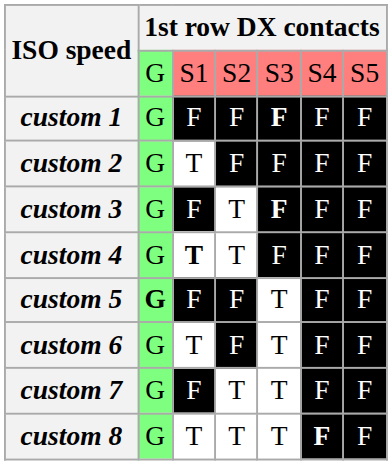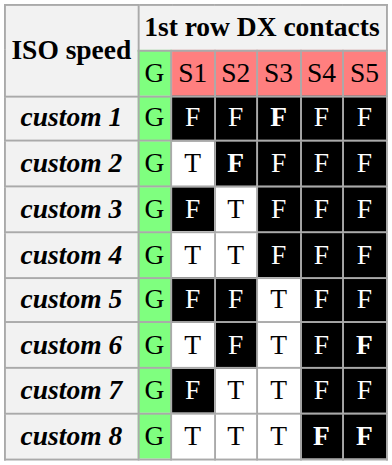 <table class="wikitable" style="text-align:center;font-size:90%;">
 <tr>
 <th rowspan=2>ISO speed</th>
 <th colspan=6>1st row DX contacts</th>
 </tr>
 <tr>
 <td style="background-color:#7fff7f;">G</td>
 <td style="background-color:#ff7f7f;">S1</td>
 <td style="background-color:#ff7f7f;">S2</td>
 <td style="background-color:#ff7f7f;">S3</td>
 <td style="background-color:#ff7f7f;">S4</td>
 <td style="background-color:#ff7f7f;">S5</td>
 </tr>
 <tr>
 <th><em>custom 1</em></th>
 <td style="background-color:#7fff7f;">G</td>
 <td style="background-color:#000000; color:#ffffff;">F</td>
 <td style="background-color:#000000; color:#ffffff;">F</td>
 <td style="background-color:#000000; color:#ffffff;"><strong>F</strong></td>
 <td style="background-color:#000000; color:#ffffff;">F</td>
 <td style="background-color:#000000; color:#ffffff;">F</td>
 </tr>
 <tr>
 <th><em>custom 2</em></th>
 <td style="background-color:#7fff7f;">G</td>
 <td style="background-color:#ffffff; color:#000000;">T</td>
-<td style="background-color:#000000; color:#ffffff;">F</td>
+<td style="background-color:#000000; color:#ffffff;"><strong>F</strong></td>
 <td style="background-color:#000000; color:#ffffff;">F</td>
 <td style="background-color:#000000; color:#ffffff;">F</td>
 <td style="background-color:#000000; color:#ffffff;">F</td>
 </tr>
 <tr>
 <th><em>custom 3</em></th>
 <td style="background-color:#7fff7f;">G</td>
 <td style="background-color:#000000; color:#ffffff;">F</td>
 <td style="background-color:#ffffff; color:#000000;">T</td>
-<td style="background-color:#000000; color:#ffffff;"><strong>F</strong></td>
+<td style="background-color:#000000; color:#ffffff;">F</td>
 <td style="background-color:#000000; color:#ffffff;">F</td>
 <td style="background-color:#000000; color:#ffffff;">F</td>
 </tr>
 <tr>
 <th><em>custom 4</em></th>
 <td style="background-color:#7fff7f;">G</td>
-<td style="background-color:#ffffff; color:#000000;"><strong>T</strong></td>
+<td style="background-color:#ffffff; color:#000000;">T</td>
 <td style="background-color:#ffffff; color:#000000;">T</td>
 <td style="background-color:#000000; color:#ffffff;">F</td>
 <td style="background-color:#000000; color:#ffffff;">F</td>
 <td style="background-color:#000000; color:#ffffff;">F</td>
 </tr>
 <tr>
 <th><em>custom 5</em></th>
-<td style="background-color:#7fff7f;"><strong>G</strong></td>
+<td style="background-color:#7fff7f;">G</td>
 <td style="background-color:#000000; color:#ffffff;">F</td>
 <td style="background-color:#000000; color:#ffffff;">F</td>
 <td style="background-color:#ffffff; color:#000000;">T</td>
 <td style="background-color:#000000; color:#ffffff;">F</td>
 <td style="background-color:#000000; color:#ffffff;">F</td>
 </tr>
 <tr>
 <th><em>custom 6</em></th>
 <td style="background-color:#7fff7f;">G</td>
 <td style="background-color:#ffffff; color:#000000;">T</td>
 <td style="background-color:#000000; color:#ffffff;">F</td>
 <td style="background-color:#ffffff; color:#000000;">T</td>
 <td style="background-color:#000000; color:#ffffff;">F</td>
-<td style="background-color:#000000; color:#ffffff;">F</td>
+<td style="background-color:#000000; color:#ffffff;"><strong>F</strong></td>
 </tr>
 <tr>
 <th><em>custom 7</em></th>
 <td style="background-color:#7fff7f;">G</td>
 <td style="background-color:#000000; color:#ffffff;">F</td>
 <td style="background-color:#ffffff; color:#000000;">T</td>
 <td style="background-color:#ffffff; color:#000000;">T</td>
 <td style="background-color:#000000; color:#ffffff;">F</td>
 <td style="background-color:#000000; color:#ffffff;">F</td>
 </tr>
 <tr>
 <th><em>custom 8</em></th>
 <td style="background-color:#7fff7f;">G</td>
 <td style="background-color:#ffffff; color:#000000;">T</td>
 <td style="background-color:#ffffff; color:#000000;">T</td>
 <td style="background-color:#ffffff; color:#000000;">T</td>
 <td style="background-color:#000000; color:#ffffff;"><strong>F</strong></td>
-<td style="background-color:#000000; color:#ffffff;">F</td>
+<td style="background-color:#000000; color:#ffffff;"><strong>F</strong></td>
 </tr>
 </table>
